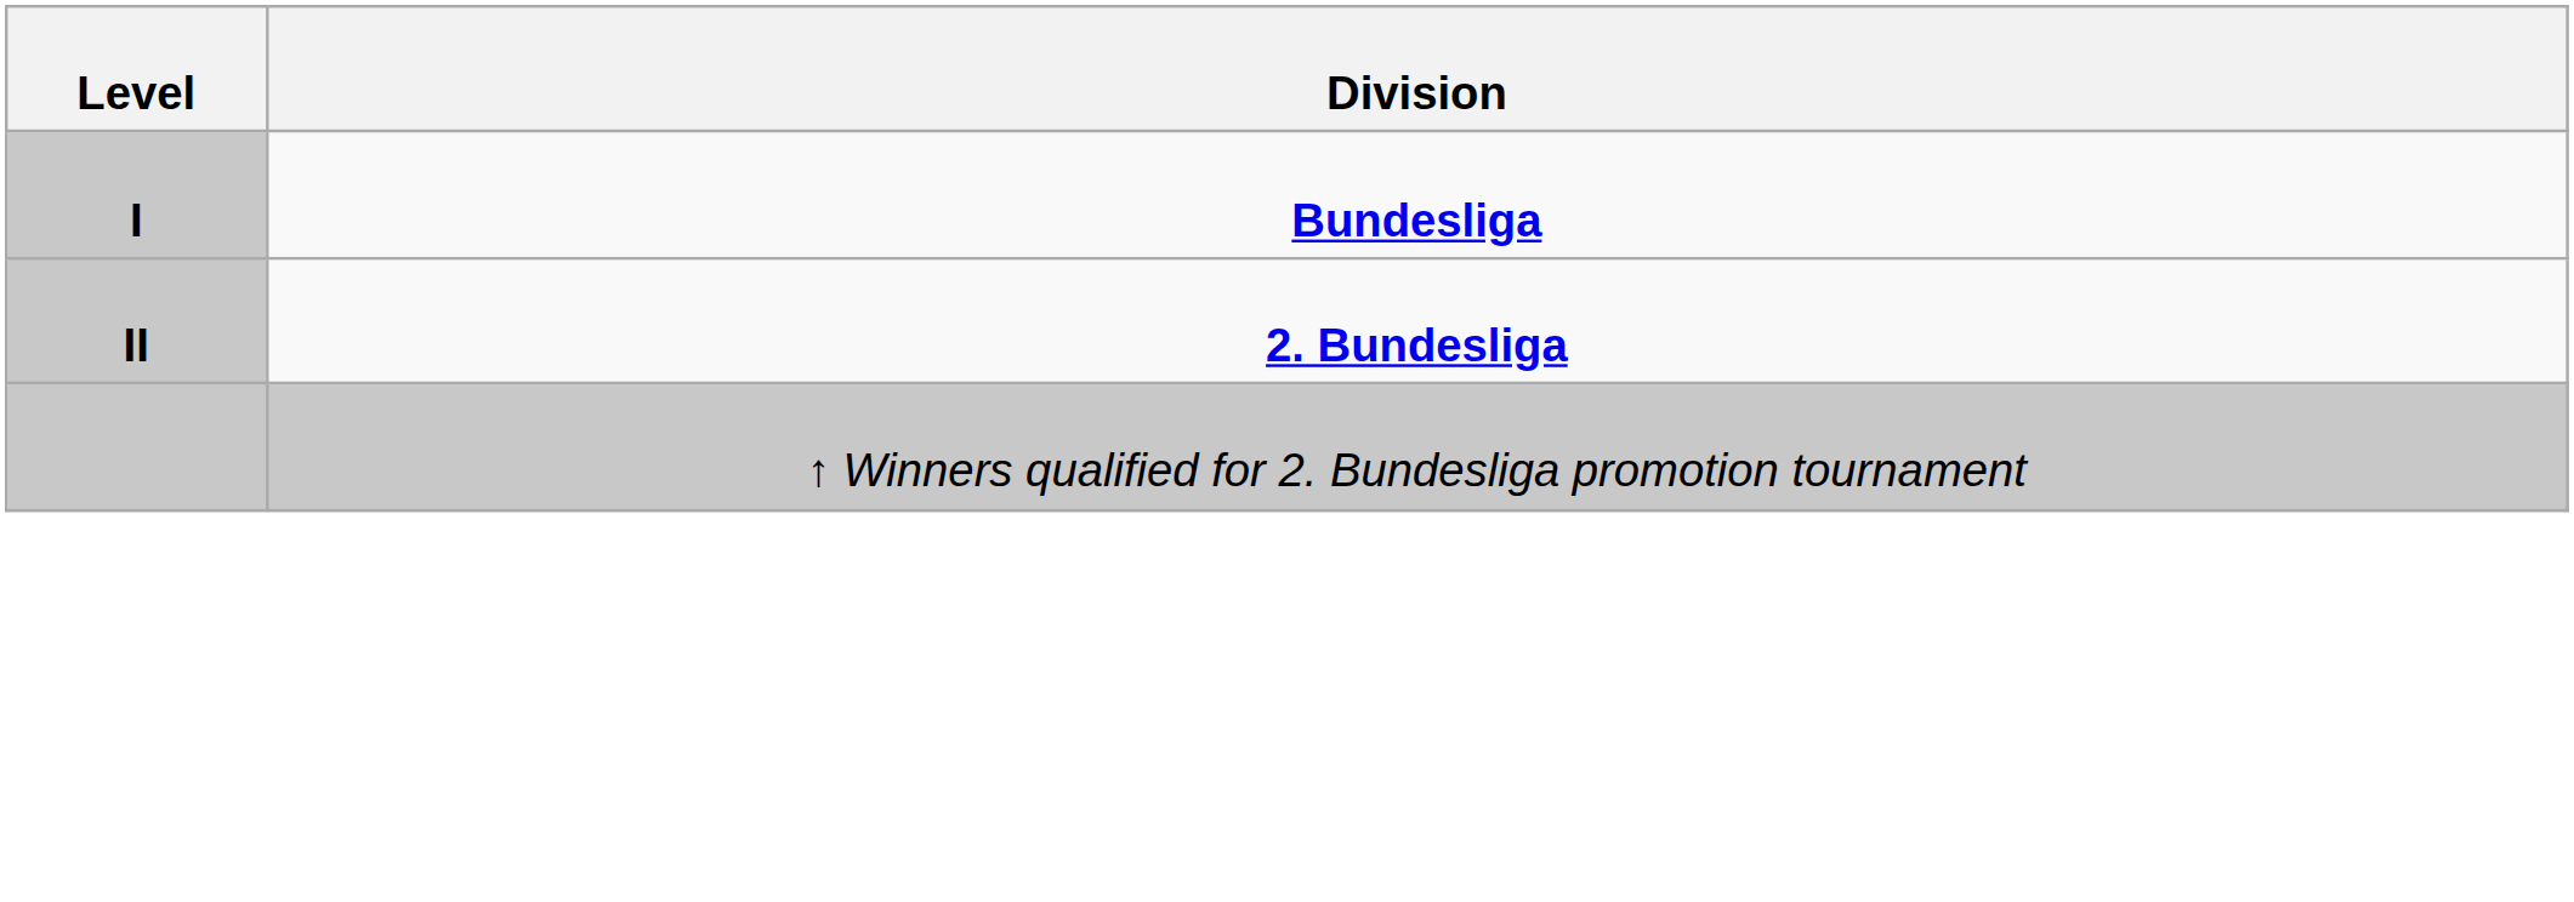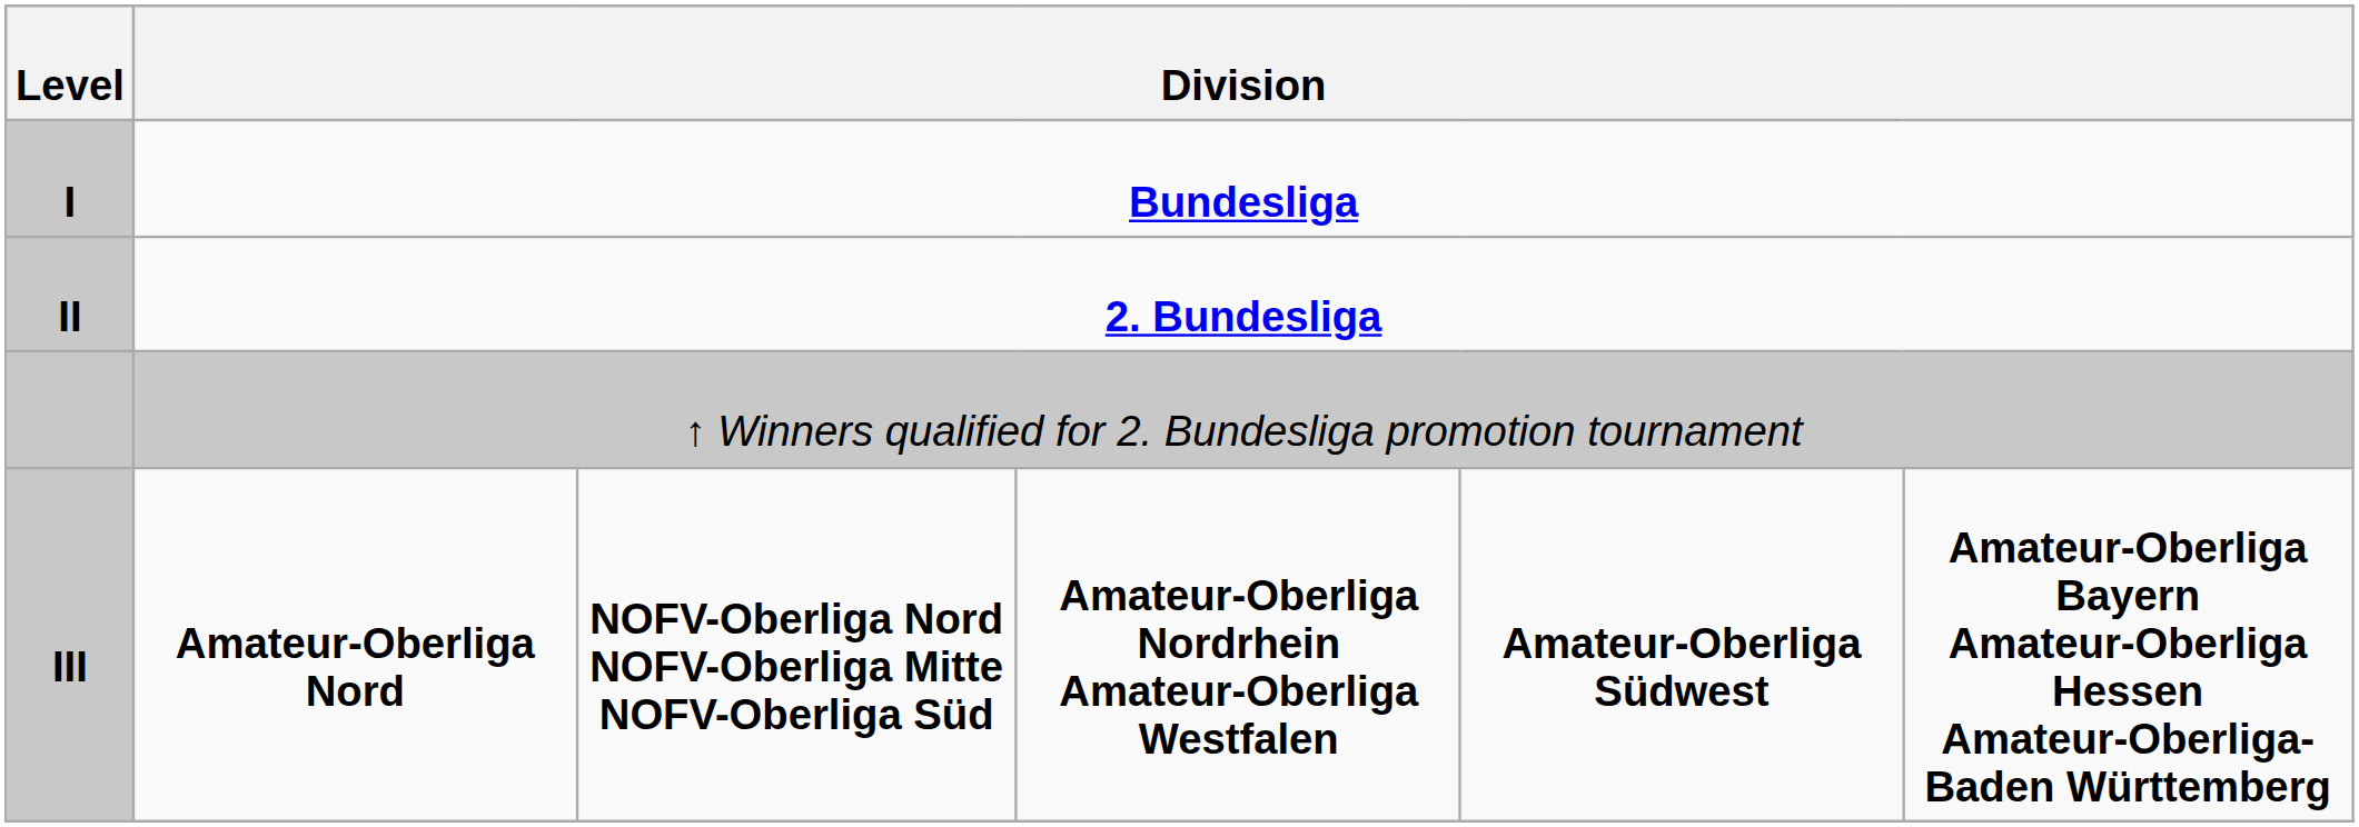 <table class="wikitable" style="text-align:center" height="30" width="100%">
 <tr style="background:#c8c8c8">
 <th colspan="1" height="30"><br>Level</th>
 <th colspan="5"><br>Division</th>
 </tr>
 <tr>
 <td colspan="1" style="background:#c8c8c8"><br><strong>I</strong></td>
 <td colspan="5"><br><strong><a href='#'>Bundesliga</a></strong></td>
 </tr>
 <tr>
 <td colspan="1" style="background:#c8c8c8"><br><strong>II</strong></td>
 <td colspan="5"><br><strong><a href='#'>2. Bundesliga</a></strong></td>
 </tr>
 <tr style="background:#c8c8c8">
 <td colspan="1"></td>
 <td colspan="5"><br><em> ↑ Winners qualified for 2. Bundesliga promotion tournament</em></td>
 </tr>
 <tr>
+<td colspan="1" style="background:#c8c8c8"><br><strong>III</strong></td>
+<td colspan="1" width="20%"><br><strong>Amateur-Oberliga Nord</strong></td>
+<td colspan="1" width="20%"><br><strong>NOFV-Oberliga Nord</strong><br> <strong>NOFV-Oberliga Mitte</strong><br> <strong>NOFV-Oberliga Süd</strong></td>
+<td colspan="1" width="20%"><br><strong>Amateur-Oberliga Nordrhein</strong><br> <strong>Amateur-Oberliga Westfalen</strong></td>
+<td colspan="1" width="20%"><br><strong>Amateur-Oberliga Südwest</strong></td>
+<td colspan="1" width="20%"><br><strong>Amateur-Oberliga Bayern</strong><br> <strong>Amateur-Oberliga Hessen</strong><br> <strong>Amateur-Oberliga-Baden Württemberg</strong></td>
+</tr>
+<tr>
 </tr>
 </table>
